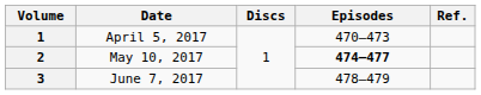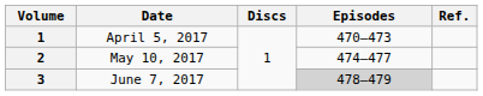 <table class="wikitable" style="text-align:center;">
 <tr>
 <th scope="col" style="width:5em;">Volume</th>
 <th scope="col" style="width:12em;">Date</th>
 <th scope="col" style="width:4em;">Discs</th>
 <th scope="col" style="width:10em;">Episodes</th>
 <th scope="col" style="width:3em;">Ref.</th>
 </tr>
 <tr>
 <th scope="row">1</th>
 <td>April 5, 2017</td>
 <td rowspan="3">1</td>
 <td>470–473</td>
 <td></td>
 </tr>
 <tr>
 <th scope="row">2</th>
 <td>May 10, 2017</td>
-<td><strong>474–477</strong></td>
+<td>474–477</td>
 <td></td>
 </tr>
 <tr>
 <th scope="row">3</th>
 <td>June 7, 2017</td>
-<td>478–479</td>
+<td style="background: lightgrey;">478–479</td>
 <td></td>
 </tr>
 </table>
